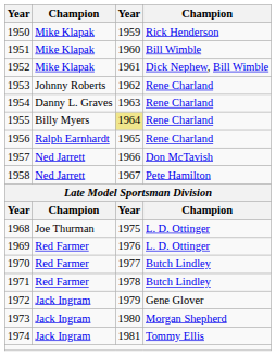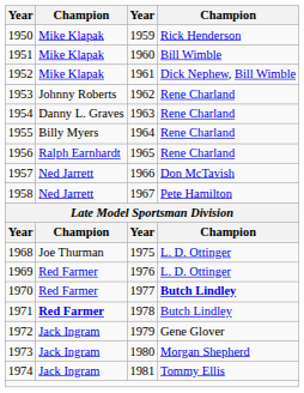 <table class="wikitable">
 <tr>
 <th>Year</th>
 <th>Champion</th>
 <th>Year</th>
 <th>Champion</th>
 </tr>
 <tr>
 <td style="text-align:center;">1950</td>
 <td><a href='#'>Mike Klapak</a></td>
 <td>1959</td>
 <td><a href='#'>Rick Henderson</a></td>
 </tr>
 <tr>
 <td style="text-align:center;">1951</td>
 <td><a href='#'>Mike Klapak</a></td>
 <td>1960</td>
 <td><a href='#'>Bill Wimble</a></td>
 </tr>
 <tr>
 <td style="text-align:center;">1952</td>
 <td><a href='#'>Mike Klapak</a></td>
 <td>1961</td>
 <td><a href='#'>Dick Nephew</a>, <a href='#'>Bill Wimble</a></td>
 </tr>
 <tr>
 <td style="text-align:center;">1953</td>
 <td>Johnny Roberts</td>
 <td>1962</td>
 <td><a href='#'>Rene Charland</a></td>
 </tr>
 <tr>
 <td style="text-align:center;">1954</td>
 <td>Danny L. Graves</td>
 <td>1963</td>
 <td><a href='#'>Rene Charland</a></td>
 </tr>
 <tr>
 <td style="text-align:center;">1955</td>
 <td>Billy Myers</td>
-<td style="background: khaki;">1964</td>
+<td>1964</td>
 <td><a href='#'>Rene Charland</a></td>
 </tr>
 <tr>
 <td style="text-align:center;">1956</td>
 <td><a href='#'>Ralph Earnhardt</a></td>
 <td>1965</td>
 <td><a href='#'>Rene Charland</a></td>
 </tr>
 <tr>
 <td style="text-align:center;">1957</td>
 <td><a href='#'>Ned Jarrett</a></td>
 <td>1966</td>
 <td><a href='#'>Don McTavish</a></td>
 </tr>
 <tr>
 <td style="text-align:center;">1958</td>
 <td><a href='#'>Ned Jarrett</a></td>
 <td>1967</td>
 <td><a href='#'>Pete Hamilton</a></td>
 </tr>
 <tr>
 <th colspan="4"><em>Late Model Sportsman Division</em></th>
 </tr>
 <tr>
 <th>Year</th>
 <th>Champion</th>
 <th>Year</th>
 <th>Champion</th>
 </tr>
 <tr>
 <td style="text-align:center;">1968</td>
 <td>Joe Thurman</td>
 <td>1975</td>
 <td><a href='#'>L. D. Ottinger</a></td>
 </tr>
 <tr>
 <td style="text-align:center;">1969</td>
 <td><a href='#'>Red Farmer</a></td>
 <td>1976</td>
 <td><a href='#'>L. D. Ottinger</a></td>
 </tr>
 <tr>
 <td style="text-align:center;">1970</td>
 <td><a href='#'>Red Farmer</a></td>
 <td>1977</td>
-<td><a href='#'>Butch Lindley</a></td>
+<td><strong><a href='#'>Butch Lindley</a></strong></td>
 </tr>
 <tr>
 <td style="text-align:center;">1971</td>
-<td><a href='#'>Red Farmer</a></td>
+<td><strong><a href='#'>Red Farmer</a></strong></td>
 <td>1978</td>
 <td><a href='#'>Butch Lindley</a></td>
 </tr>
 <tr>
 <td style="text-align:center;">1972</td>
 <td><a href='#'>Jack Ingram</a></td>
 <td>1979</td>
 <td>Gene Glover</td>
 </tr>
 <tr>
 <td style="text-align:center;">1973</td>
 <td><a href='#'>Jack Ingram</a></td>
 <td>1980</td>
 <td><a href='#'>Morgan Shepherd</a></td>
 </tr>
 <tr>
 <td style="text-align:center;">1974</td>
 <td><a href='#'>Jack Ingram</a></td>
 <td>1981</td>
 <td><a href='#'>Tommy Ellis</a></td>
 </tr>
 <tr>
 <td align=right colspan=4></td>
 </tr>
 </table>
